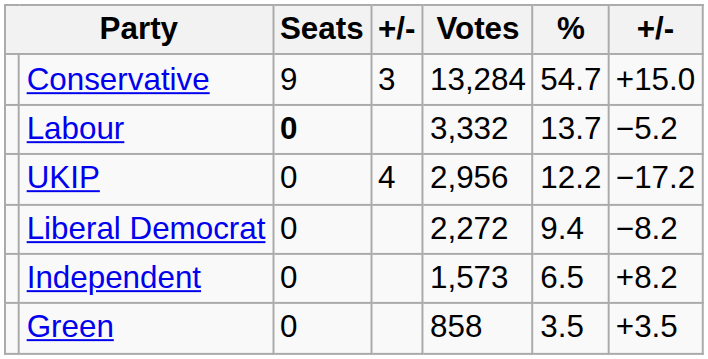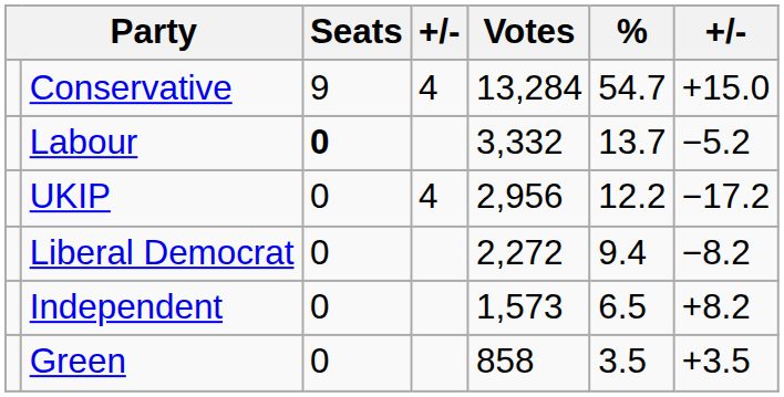 <table class="wikitable">
 <tr>
 <th colspan="2">Party</th>
 <th>Seats</th>
 <th>+/-</th>
 <th>Votes</th>
 <th>%</th>
 <th>+/-</th>
 </tr>
 <tr>
 <td style="background-color: "></td>
 <td><a href='#'>Conservative</a></td>
 <td>9</td>
-<td> 3</td>
+<td> 4</td>
 <td>13,284</td>
 <td>54.7</td>
 <td><span>+15.0</span></td>
 </tr>
 <tr>
 <td style="background-color: "></td>
 <td><a href='#'>Labour</a></td>
 <td><strong>0</strong></td>
 <td></td>
 <td>3,332</td>
 <td>13.7</td>
 <td><span>−5.2</span></td>
 </tr>
 <tr>
 <td style="background-color: "></td>
 <td><a href='#'>UKIP</a></td>
 <td>0</td>
 <td> 4</td>
 <td>2,956</td>
 <td>12.2</td>
 <td><span>−17.2</span></td>
 </tr>
 <tr>
 <td style="background-color: "></td>
 <td><a href='#'>Liberal Democrat</a></td>
 <td>0</td>
 <td></td>
 <td>2,272</td>
 <td>9.4</td>
 <td><span>−8.2</span></td>
 </tr>
 <tr>
 <td style="background-color: "></td>
 <td><a href='#'>Independent</a></td>
 <td>0</td>
 <td></td>
 <td>1,573</td>
 <td>6.5</td>
 <td><span>+8.2</span></td>
 </tr>
 <tr>
 <td style="background-color: "></td>
 <td><a href='#'>Green</a></td>
 <td>0</td>
 <td></td>
 <td>858</td>
 <td>3.5</td>
 <td><span>+3.5</span></td>
 </tr>
 </table>
